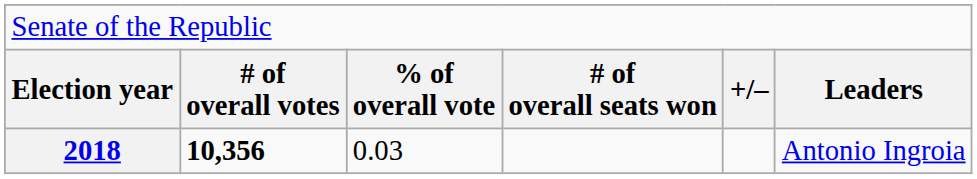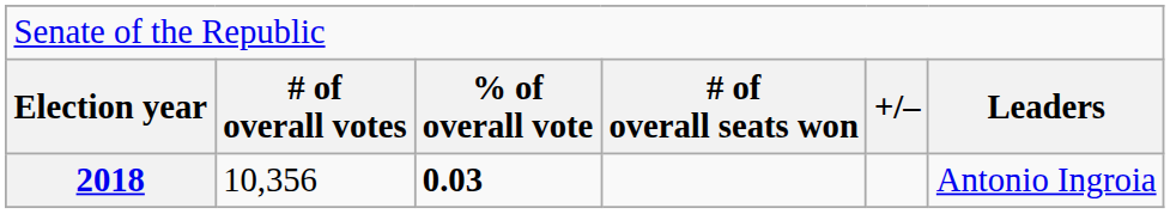 <table class=wikitable>
 <tr>
 <td colspan=6><a href='#'>Senate of the Republic</a></td>
 </tr>
 <tr>
 <th>Election year</th>
 <th># of<br>overall votes</th>
 <th>% of<br>overall vote</th>
 <th># of<br>overall seats won</th>
 <th>+/–</th>
 <th>Leaders</th>
 </tr>
 <tr>
 <th><a href='#'>2018</a></th>
-<td><strong>10,356</strong></td>
-<td>0.03</td>
+<td>10,356</td>
+<td><strong>0.03</strong></td>
 <td></td>
 <td></td>
 <td><a href='#'>Antonio Ingroia</a></td>
 </tr>
 </table>
